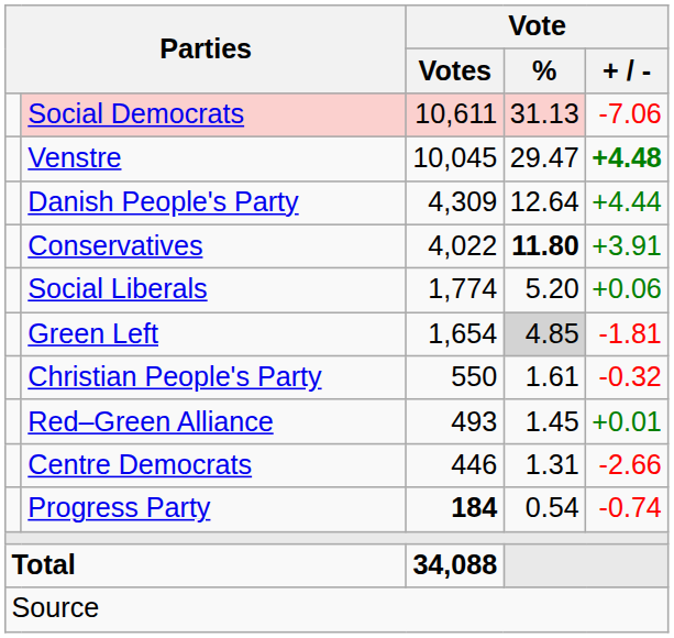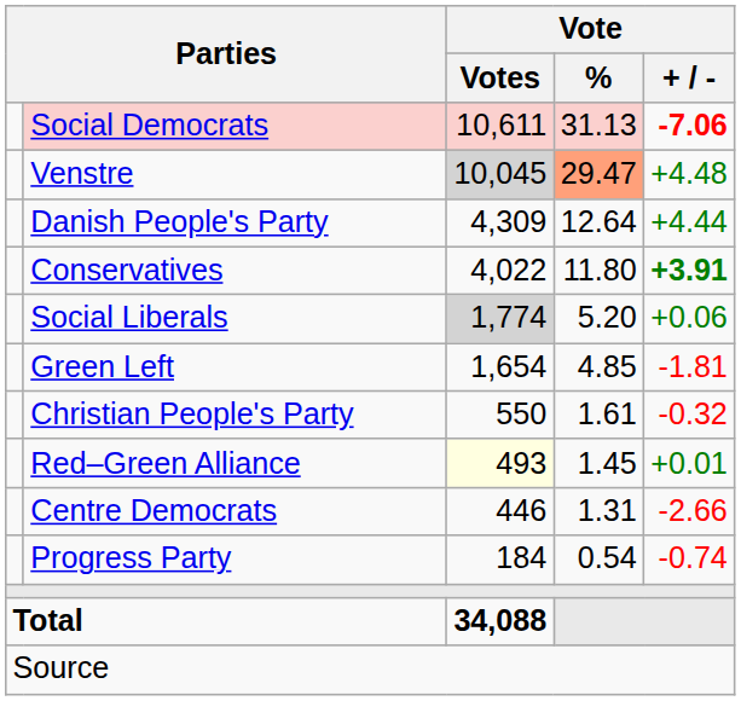 <table class="wikitable" style="text-align:right;">
 <tr>
 <th style="text-align:centre;" rowspan="2" colspan="2" width="225">Parties</th>
 <th colspan="3">Vote</th>
 </tr>
 <tr>
 <th width="15">Votes</th>
 <th width="15">%</th>
 <th width="15">+ / -</th>
 </tr>
 <tr>
 <td width="2" style="color:inherit;background:"></td>
 <td bgcolor=#fbd0ce  align="left"><a href='#'>Social Democrats</a></td>
 <td bgcolor=#fbd0ce>10,611</td>
 <td bgcolor=#fbd0ce>31.13</td>
-<td style=color:red;>-7.06</td>
+<td style=color:red;><strong>-7.06</strong></td>
 </tr>
 <tr>
 <td width="2" style="color:inherit;background:"></td>
 <td align="left"><a href='#'>Venstre</a></td>
-<td>10,045</td>
-<td>29.47</td>
-<td style=color:green;><strong>+4.48</strong></td>
+<td style="background: lightgrey;">10,045</td>
+<td style="background: lightsalmon;">29.47</td>
+<td style=color:green;>+4.48</td>
 </tr>
 <tr>
 <td width="2" style="color:inherit;background:"></td>
 <td align="left"><a href='#'>Danish People's Party</a></td>
 <td>4,309</td>
 <td>12.64</td>
 <td style=color:green;>+4.44</td>
 </tr>
 <tr>
 <td width="2" style="color:inherit;background:"></td>
 <td align="left"><a href='#'>Conservatives</a></td>
 <td>4,022</td>
-<td><strong>11.80</strong></td>
-<td style=color:green;>+3.91</td>
+<td>11.80</td>
+<td style=color:green;><strong>+3.91</strong></td>
 </tr>
 <tr>
 <td width="2" style="color:inherit;background:"></td>
 <td align="left"><a href='#'>Social Liberals</a></td>
-<td>1,774</td>
+<td style="background: lightgrey;">1,774</td>
 <td>5.20</td>
 <td style=color:green;>+0.06</td>
 </tr>
 <tr>
 <td width="2" style="color:inherit;background:"></td>
 <td align="left"><a href='#'>Green Left</a></td>
 <td>1,654</td>
-<td style="background: lightgrey;">4.85</td>
+<td>4.85</td>
 <td style=color:red;>-1.81</td>
 </tr>
 <tr>
 <td width="2" style="color:inherit;background:"></td>
 <td align="left"><a href='#'>Christian People's Party</a></td>
 <td>550</td>
 <td>1.61</td>
 <td style=color:red;>-0.32</td>
 </tr>
 <tr>
 <td width="2" style="color:inherit;background:"></td>
 <td align="left"><a href='#'>Red–Green Alliance</a></td>
-<td>493</td>
+<td style="background: lightyellow;">493</td>
 <td>1.45</td>
 <td style=color:green;>+0.01</td>
 </tr>
 <tr>
 <td width="2" style="color:inherit;background:"></td>
 <td align="left"><a href='#'>Centre Democrats</a></td>
 <td>446</td>
 <td>1.31</td>
 <td style=color:red;>-2.66</td>
 </tr>
 <tr>
 <td width="2" style="color:inherit;background:"></td>
 <td align="left"><a href='#'>Progress Party</a></td>
-<td><strong>184</strong></td>
+<td>184</td>
 <td>0.54</td>
 <td style=color:red;>-0.74</td>
 </tr>
 <tr>
 <td colspan="7" bgcolor="#E9E9E9"></td>
 </tr>
 <tr>
 <td align="left" colspan="2"><strong>Total</strong></td>
 <td><strong>34,088</strong></td>
 <td bgcolor="#E9E9E9" colspan="2"></td>
 </tr>
 <tr>
 <td align="left" colspan="6">Source</td>
 </tr>
 </table>
